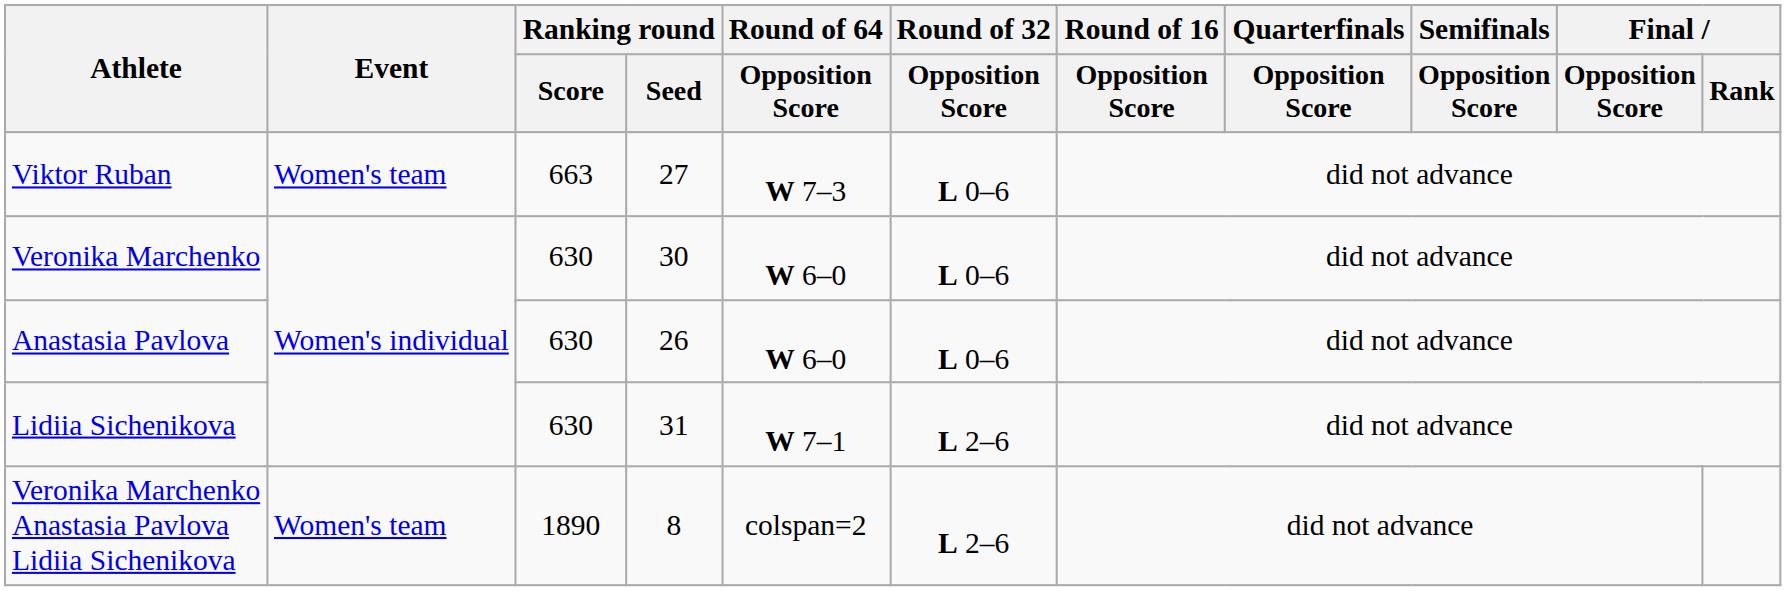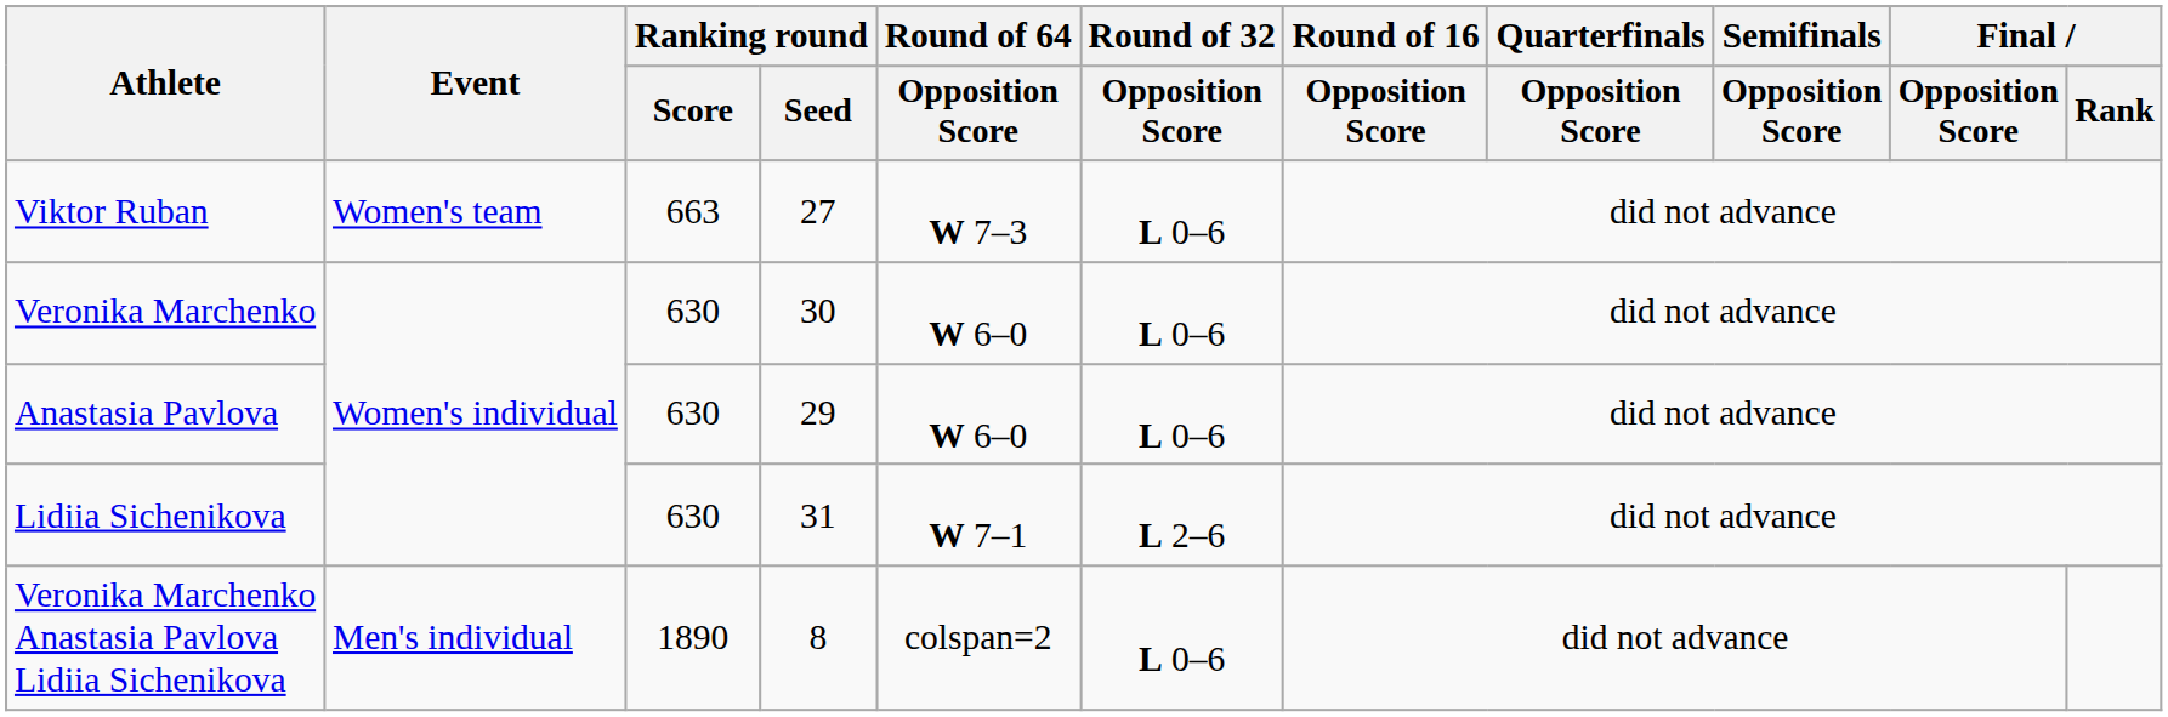 <table class="wikitable" style="font-size:90%">
 <tr>
 <th rowspan=2>Athlete</th>
 <th rowspan=2>Event</th>
 <th colspan="2">Ranking round</th>
 <th>Round of 64</th>
 <th>Round of 32</th>
 <th>Round of 16</th>
 <th>Quarterfinals</th>
 <th>Semifinals</th>
 <th colspan="2">Final / </th>
 </tr>
 <tr style="font-size:95%">
 <th>Score</th>
 <th>Seed</th>
 <th>Opposition<br>Score</th>
 <th>Opposition<br>Score</th>
 <th>Opposition<br>Score</th>
 <th>Opposition<br>Score</th>
 <th>Opposition<br>Score</th>
 <th>Opposition<br>Score</th>
 <th>Rank</th>
 </tr>
 <tr align=center>
 <td align=left><a href='#'>Viktor Ruban</a></td>
 <td align=left><a href='#'>Women's team</a></td>
 <td>663</td>
 <td>27</td>
 <td><br><strong>W</strong> 7–3</td>
 <td><br><strong>L</strong> 0–6</td>
 <td colspan=5>did not advance</td>
 </tr>
 <tr align=center>
 <td align=left><a href='#'>Veronika Marchenko</a></td>
 <td align=left rowspan=3><a href='#'>Women's individual</a></td>
 <td>630</td>
 <td>30</td>
 <td><br><strong>W</strong> 6–0</td>
 <td><br><strong>L</strong> 0–6</td>
 <td colspan=5>did not advance</td>
 </tr>
 <tr align=center>
 <td align=left><a href='#'>Anastasia Pavlova</a></td>
 <td>630</td>
-<td>26</td>
+<td>29</td>
 <td><br><strong>W</strong> 6–0</td>
 <td><br><strong>L</strong> 0–6</td>
 <td colspan=5>did not advance</td>
 </tr>
 <tr align=center>
 <td align=left><a href='#'>Lidiia Sichenikova</a></td>
 <td>630</td>
 <td>31</td>
 <td><br><strong>W</strong> 7–1</td>
 <td><br><strong>L</strong> 2–6</td>
 <td colspan=5>did not advance</td>
 </tr>
 <tr align=center>
 <td align=left><a href='#'>Veronika Marchenko</a><br><a href='#'>Anastasia Pavlova</a><br><a href='#'>Lidiia Sichenikova</a></td>
-<td align=left><a href='#'>Women's team</a></td>
+<td align=left><a href='#'>Men's individual</a></td>
 <td>1890</td>
 <td>8</td>
 <td>colspan=2 </td>
-<td><br><strong>L</strong> 2–6</td>
+<td><br><strong>L</strong> 0–6</td>
 <td colspan=4>did not advance</td>
 </tr>
 </table>
